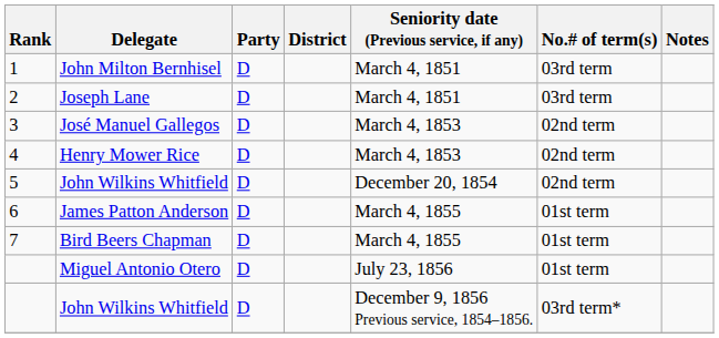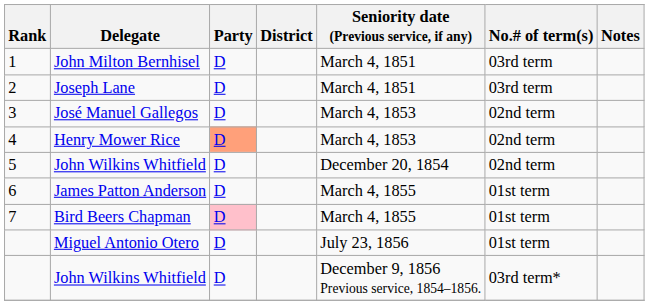 <table class="wikitable sortable">
 <tr valign=bottom>
 <th>Rank</th>
 <th>Delegate</th>
 <th>Party</th>
 <th>District</th>
 <th>Seniority date<br><small>(Previous service, if any)</small><br></th>
 <th>No.# of term(s)</th>
 <th>Notes</th>
 </tr>
 <tr>
 <td>1</td>
 <td><a href='#'>John Milton Bernhisel</a></td>
 <td><a href='#'>D</a></td>
 <td></td>
 <td>March 4, 1851</td>
 <td>03rd term</td>
 <td></td>
 </tr>
 <tr>
 <td>2</td>
 <td><a href='#'>Joseph Lane</a></td>
 <td><a href='#'>D</a></td>
 <td></td>
 <td>March 4, 1851</td>
 <td>03rd term</td>
 <td></td>
 </tr>
 <tr>
 <td>3</td>
 <td><a href='#'>José Manuel Gallegos</a></td>
 <td><a href='#'>D</a></td>
 <td></td>
 <td>March 4, 1853</td>
 <td>02nd term</td>
 <td></td>
 </tr>
 <tr>
 <td>4</td>
 <td><a href='#'>Henry Mower Rice</a></td>
-<td><a href='#'>D</a></td>
+<td style="background: lightsalmon;"><a href='#'>D</a></td>
 <td></td>
 <td>March 4, 1853</td>
 <td>02nd term</td>
 <td></td>
 </tr>
 <tr>
 <td>5</td>
 <td><a href='#'>John Wilkins Whitfield</a></td>
 <td><a href='#'>D</a></td>
 <td></td>
 <td>December 20, 1854</td>
 <td>02nd term</td>
 <td></td>
 </tr>
 <tr>
 <td>6</td>
 <td><a href='#'>James Patton Anderson</a></td>
 <td><a href='#'>D</a></td>
 <td></td>
 <td>March 4, 1855</td>
 <td>01st term</td>
 <td></td>
 </tr>
 <tr>
 <td>7</td>
 <td><a href='#'>Bird Beers Chapman</a></td>
-<td><a href='#'>D</a></td>
+<td style="background: pink;"><a href='#'>D</a></td>
 <td></td>
 <td>March 4, 1855</td>
 <td>01st term</td>
 <td></td>
 </tr>
 <tr>
 <td></td>
 <td><a href='#'>Miguel Antonio Otero</a></td>
 <td><a href='#'>D</a></td>
 <td></td>
 <td>July 23, 1856</td>
 <td>01st term</td>
 <td></td>
 </tr>
 <tr>
 <td></td>
 <td><a href='#'>John Wilkins Whitfield</a></td>
 <td><a href='#'>D</a></td>
 <td></td>
 <td>December 9, 1856<br><small>Previous service, 1854–1856. </small></td>
 <td>03rd term*</td>
 <td></td>
 </tr>
 <tr>
 </tr>
 </table>
